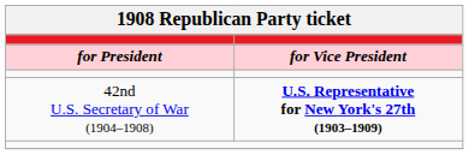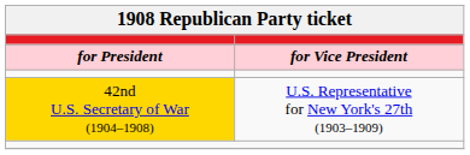 <table class="wikitable" style="font-size:90%; text-align:center;">
 <tr>
 <td style="background:#f1f1f1;" colspan="30"><big><strong>1908 Republican Party ticket</strong></big></td>
 </tr>
 <tr>
 <th style="width:3em; font-size:135%; background:#E81B23; width:200px;"><a href='#'></a></th>
 <th style="width:3em; font-size:135%; background:#E81B23; width:200px;"><a href='#'></a></th>
 </tr>
 <tr style="color:#000; font-size:100%; background:#FFD0D7;">
 <td style="width:3em; width:200px;"><strong><em>for President</em></strong></td>
 <td style="width:3em; width:200px;"><strong><em>for Vice President</em></strong></td>
 </tr>
 <tr>
 <td></td>
 <td></td>
 </tr>
 <tr>
-<td>42nd<br><a href='#'>U.S. Secretary of War</a><br><small>(1904–1908)</small></td>
-<td><strong><a href='#'>U.S. Representative</a><br>for <a href='#'>New York's 27th</a><br><small>(1903–1909)</small></strong></td>
+<td style="background: gold;">42nd<br><a href='#'>U.S. Secretary of War</a><br><small>(1904–1908)</small></td>
+<td><a href='#'>U.S. Representative</a><br>for <a href='#'>New York's 27th</a><br><small>(1903–1909)</small></td>
 </tr>
 <tr>
 <td colspan=2></td>
 </tr>
 <tr>
 </tr>
 </table>
